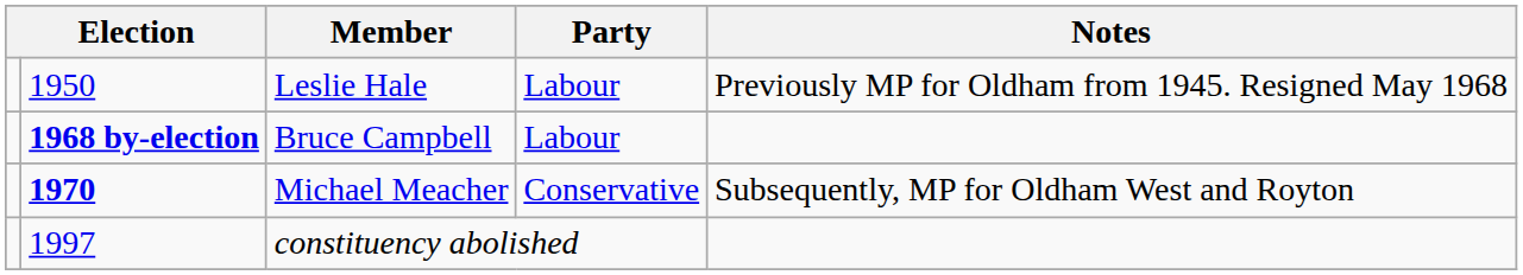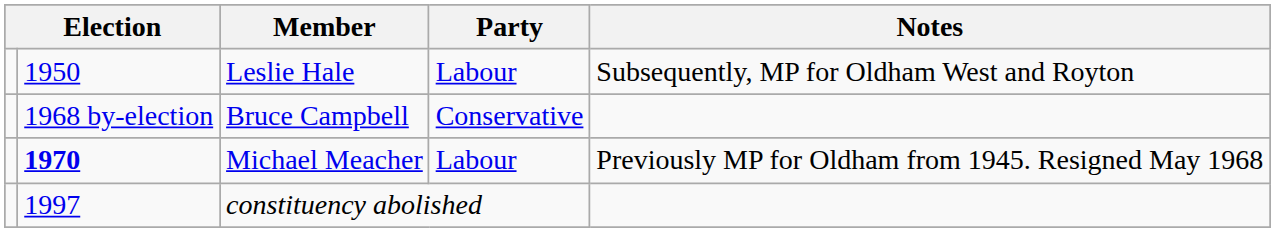 <table class="wikitable">
 <tr>
 <th colspan="2">Election</th>
 <th>Member</th>
 <th>Party</th>
 <th>Notes</th>
 </tr>
 <tr>
 <td style="color:inherit;background-color: "></td>
 <td><a href='#'>1950</a></td>
 <td><a href='#'>Leslie Hale</a></td>
 <td><a href='#'>Labour</a></td>
-<td>Previously MP for Oldham from 1945. Resigned May 1968</td>
+<td>Subsequently, MP for Oldham West and Royton</td>
 </tr>
 <tr>
 <td style="color:inherit;background-color: "></td>
-<td><strong><a href='#'>1968 by-election</a></strong></td>
+<td><a href='#'>1968 by-election</a></td>
 <td><a href='#'>Bruce Campbell</a></td>
-<td><a href='#'>Labour</a></td>
+<td><a href='#'>Conservative</a></td>
 </tr>
 <tr>
 <td style="color:inherit;background-color: "></td>
 <td><strong><a href='#'>1970</a></strong></td>
 <td><a href='#'>Michael Meacher</a></td>
-<td><a href='#'>Conservative</a></td>
-<td>Subsequently, MP for Oldham West and Royton</td>
+<td><a href='#'>Labour</a></td>
+<td>Previously MP for Oldham from 1945. Resigned May 1968</td>
 </tr>
 <tr>
 <td></td>
 <td><a href='#'>1997</a></td>
 <td colspan="2"><em>constituency abolished</em></td>
 </tr>
 </table>
